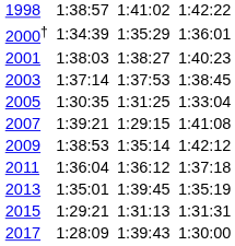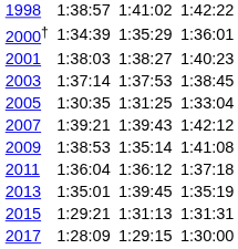 <table>
 <tr>
 <td><a href='#'>1998</a></td>
 <td></td>
 <td>1:38:57</td>
 <td></td>
 <td>1:41:02</td>
 <td></td>
 <td>1:42:22</td>
 </tr>
 <tr>
 <td><a href='#'>2000</a><sup>†</sup></td>
 <td></td>
 <td>1:34:39</td>
 <td></td>
 <td>1:35:29</td>
 <td></td>
 <td>1:36:01</td>
 </tr>
 <tr>
 <td><a href='#'>2001</a></td>
 <td></td>
 <td>1:38:03</td>
 <td></td>
 <td>1:38:27</td>
 <td></td>
 <td>1:40:23</td>
 </tr>
 <tr>
 <td><a href='#'>2003</a></td>
 <td></td>
 <td>1:37:14</td>
 <td></td>
 <td>1:37:53</td>
 <td></td>
 <td>1:38:45</td>
 </tr>
 <tr>
 <td><a href='#'>2005</a></td>
 <td></td>
 <td>1:30:35</td>
 <td></td>
 <td>1:31:25</td>
 <td></td>
 <td>1:33:04</td>
 </tr>
 <tr>
 <td><a href='#'>2007</a></td>
 <td></td>
 <td>1:39:21</td>
 <td></td>
-<td>1:29:15</td>
+<td>1:39:43</td>
 <td></td>
-<td>1:41:08</td>
+<td>1:42:12</td>
 </tr>
 <tr>
 <td><a href='#'>2009</a></td>
 <td></td>
 <td>1:38:53</td>
 <td></td>
 <td>1:35:14</td>
 <td></td>
-<td>1:42:12</td>
+<td>1:41:08</td>
 </tr>
 <tr>
 <td><a href='#'>2011</a></td>
 <td></td>
 <td>1:36:04</td>
 <td></td>
 <td>1:36:12</td>
 <td></td>
 <td>1:37:18</td>
 </tr>
 <tr>
 <td><a href='#'>2013</a></td>
 <td></td>
 <td>1:35:01</td>
 <td></td>
 <td>1:39:45</td>
 <td></td>
 <td>1:35:19</td>
 </tr>
 <tr>
 <td><a href='#'>2015</a></td>
 <td></td>
 <td>1:29:21</td>
 <td></td>
 <td>1:31:13</td>
 <td></td>
 <td>1:31:31</td>
 </tr>
 <tr>
 <td><a href='#'>2017</a></td>
 <td></td>
 <td>1:28:09</td>
 <td></td>
-<td>1:39:43</td>
+<td>1:29:15</td>
 <td></td>
 <td>1:30:00</td>
 </tr>
 </table>
